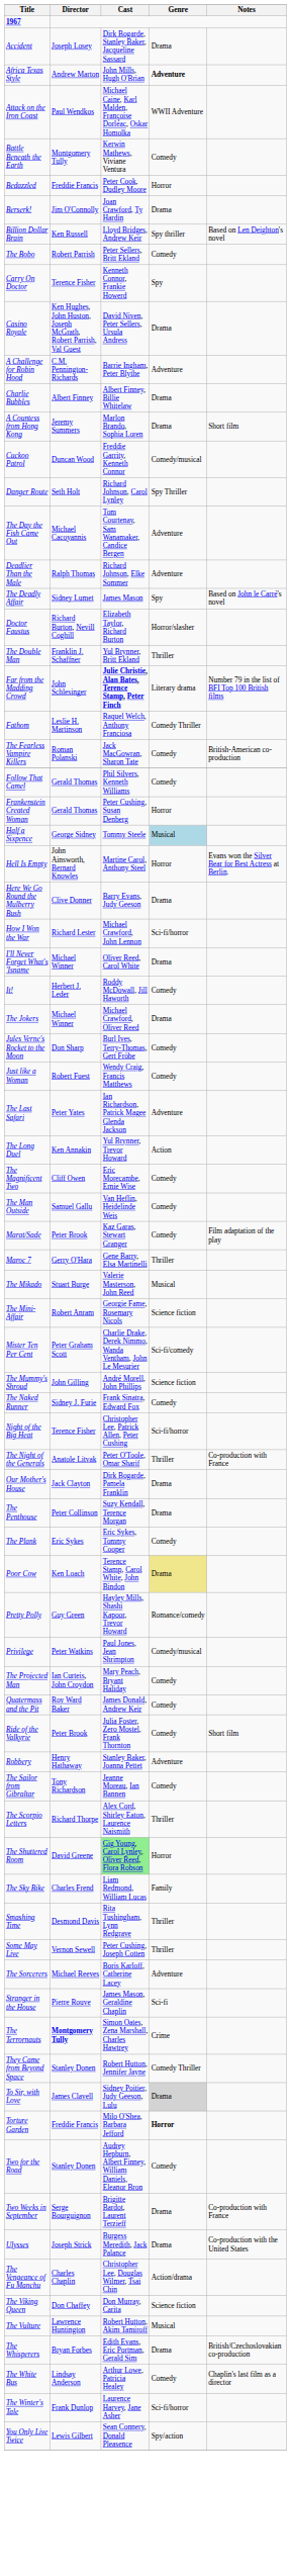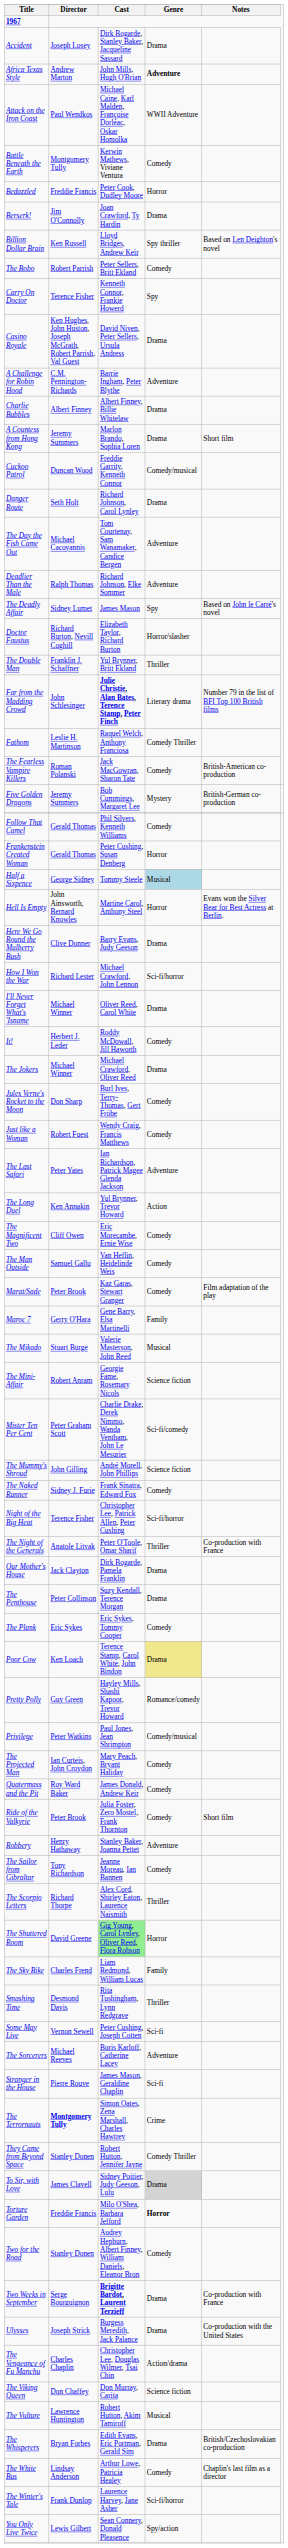 <table class="wikitable">
 <tr>
 </tr>
 <tr>
 <th>Title</th>
 <th>Director</th>
 <th>Cast</th>
 <th>Genre</th>
 <th>Notes</th>
 </tr>
 <tr>
 <td><strong><a href='#'>1967</a></strong></td>
 </tr>
 <tr>
 <td><em><a href='#'>Accident</a></em></td>
 <td><a href='#'>Joseph Losey</a></td>
 <td><a href='#'>Dirk Bogarde</a>, <a href='#'>Stanley Baker</a>, <a href='#'>Jacqueline Sassard</a></td>
 <td>Drama</td>
 <td></td>
 </tr>
 <tr>
 <td><em><a href='#'>Africa Texas Style</a></em></td>
 <td><a href='#'>Andrew Marton</a></td>
 <td><a href='#'>John Mills</a>, <a href='#'>Hugh O'Brian</a></td>
 <td><strong>Adventure</strong></td>
 <td></td>
 </tr>
 <tr>
 <td><em><a href='#'>Attack on the Iron Coast</a></em></td>
 <td><a href='#'>Paul Wendkos</a></td>
 <td><a href='#'>Michael Caine</a>, <a href='#'>Karl Malden</a>, <a href='#'>Françoise Dorléac</a>, <a href='#'>Oskar Homolka</a></td>
 <td>WWII Adventure</td>
 <td></td>
 </tr>
 <tr>
 <td><em><a href='#'>Battle Beneath the Earth</a></em></td>
 <td><a href='#'>Montgomery Tully</a></td>
 <td><a href='#'>Kerwin Mathews</a>, Viviane Ventura</td>
 <td>Comedy</td>
 <td></td>
 </tr>
 <tr>
 <td><em><a href='#'>Bedazzled</a></em></td>
 <td><a href='#'>Freddie Francis</a></td>
 <td><a href='#'>Peter Cook</a>, <a href='#'>Dudley Moore</a></td>
 <td>Horror</td>
 <td></td>
 </tr>
 <tr>
 <td><em><a href='#'>Berserk!</a></em></td>
 <td><a href='#'>Jim O'Connolly</a></td>
 <td><a href='#'>Joan Crawford</a>, <a href='#'>Ty Hardin</a></td>
 <td>Drama</td>
 <td></td>
 </tr>
 <tr>
 <td><em><a href='#'>Billion Dollar Brain</a></em></td>
 <td><a href='#'>Ken Russell</a></td>
 <td><a href='#'>Lloyd Bridges</a>, <a href='#'>Andrew Keir</a></td>
 <td>Spy thriller</td>
 <td>Based on <a href='#'>Len Deighton</a>'s novel</td>
 </tr>
 <tr>
 <td><em><a href='#'>The Bobo</a></em></td>
 <td><a href='#'>Robert Parrish</a></td>
 <td><a href='#'>Peter Sellers</a>, <a href='#'>Britt Ekland</a></td>
 <td>Comedy</td>
 <td></td>
 </tr>
 <tr>
 <td><em><a href='#'>Carry On Doctor</a></em></td>
 <td><a href='#'>Terence Fisher</a></td>
 <td><a href='#'>Kenneth Connor</a>, <a href='#'>Frankie Howerd</a></td>
 <td>Spy</td>
 <td></td>
 </tr>
 <tr>
 <td><em><a href='#'>Casino Royale</a></em></td>
 <td><a href='#'>Ken Hughes</a>, <a href='#'>John Huston</a>, <a href='#'>Joseph McGrath</a>, <a href='#'>Robert Parrish</a>, <a href='#'>Val Guest</a></td>
 <td><a href='#'>David Niven</a>, <a href='#'>Peter Sellers</a>, <a href='#'>Ursula Andress</a></td>
 <td>Drama</td>
 <td></td>
 </tr>
 <tr>
 <td><em><a href='#'>A Challenge for Robin Hood</a></em></td>
 <td><a href='#'>C.M. Pennington-Richards</a></td>
 <td><a href='#'>Barrie Ingham</a>, <a href='#'>Peter Blythe</a></td>
 <td>Adventure</td>
 <td></td>
 </tr>
 <tr>
 <td><em><a href='#'>Charlie Bubbles</a></em></td>
 <td><a href='#'>Albert Finney</a></td>
 <td><a href='#'>Albert Finney</a>, <a href='#'>Billie Whitelaw</a></td>
 <td>Drama</td>
 <td></td>
 </tr>
 <tr>
 <td><em><a href='#'>A Countess from Hong Kong</a></em></td>
 <td><a href='#'>Jeremy Summers</a></td>
 <td><a href='#'>Marlon Brando</a>, <a href='#'>Sophia Loren</a></td>
 <td>Drama</td>
 <td>Short film</td>
 </tr>
 <tr>
 <td><em><a href='#'>Cuckoo Patrol</a></em></td>
 <td><a href='#'>Duncan Wood</a></td>
 <td><a href='#'>Freddie Garrity</a>, <a href='#'>Kenneth Connor</a></td>
 <td>Comedy/musical</td>
 <td></td>
 </tr>
 <tr>
 <td><em><a href='#'>Danger Route</a></em></td>
 <td><a href='#'>Seth Holt</a></td>
 <td><a href='#'>Richard Johnson</a>, <a href='#'>Carol Lynley</a></td>
-<td>Spy Thriller</td>
+<td>Drama</td>
 <td></td>
 </tr>
 <tr>
 <td><em><a href='#'>The Day the Fish Came Out</a></em></td>
 <td><a href='#'>Michael Cacoyannis</a></td>
 <td><a href='#'>Tom Courtenay</a>, <a href='#'>Sam Wanamaker</a>, <a href='#'>Candice Bergen</a></td>
 <td>Adventure</td>
 <td></td>
 </tr>
 <tr>
 <td><em><a href='#'>Deadlier Than the Male</a></em></td>
 <td><a href='#'>Ralph Thomas</a></td>
 <td><a href='#'>Richard Johnson</a>, <a href='#'>Elke Sommer</a></td>
 <td>Adventure</td>
 <td></td>
 </tr>
 <tr>
 <td><em><a href='#'>The Deadly Affair</a></em></td>
 <td><a href='#'>Sidney Lumet</a></td>
 <td><a href='#'>James Mason</a></td>
 <td>Spy</td>
 <td>Based on <a href='#'>John le Carré</a>'s novel</td>
 </tr>
 <tr>
 <td><em><a href='#'>Doctor Faustus</a></em></td>
 <td><a href='#'>Richard Burton</a>, <a href='#'>Nevill Coghill</a></td>
 <td><a href='#'>Elizabeth Taylor</a>, <a href='#'>Richard Burton</a></td>
 <td>Horror/slasher</td>
 <td></td>
 </tr>
 <tr>
 <td><em><a href='#'>The Double Man</a></em></td>
 <td><a href='#'>Franklin J. Schaffner</a></td>
 <td><a href='#'>Yul Brynner</a>, <a href='#'>Britt Ekland</a></td>
 <td>Thriller</td>
 <td></td>
 </tr>
 <tr>
 <td><em><a href='#'>Far from the Madding Crowd</a></em></td>
 <td><a href='#'>John Schlesinger</a></td>
 <td><strong><a href='#'>Julie Christie</a>, <a href='#'>Alan Bates</a>, <a href='#'>Terence Stamp</a>, <a href='#'>Peter Finch</a></strong></td>
 <td>Literary drama</td>
 <td>Number 79 in the list of <a href='#'>BFI Top 100 British films</a></td>
 </tr>
 <tr>
 <td><em><a href='#'>Fathom</a></em></td>
 <td><a href='#'>Leslie H. Martinson</a></td>
 <td><a href='#'>Raquel Welch</a>, <a href='#'>Anthony Franciosa</a></td>
 <td>Comedy Thriller</td>
 <td></td>
 </tr>
 <tr>
 <td><em><a href='#'>The Fearless Vampire Killers</a></em></td>
 <td><a href='#'>Roman Polanski</a></td>
 <td><a href='#'>Jack MacGowran</a>, <a href='#'>Sharon Tate</a></td>
 <td>Comedy</td>
 <td>British-American co-production</td>
+</tr>
+<tr>
+<td><em><a href='#'>Five Golden Dragons</a></em></td>
+<td><a href='#'>Jeremy Summers</a></td>
+<td><a href='#'>Bob Cummings</a>, <a href='#'>Margaret Lee</a></td>
+<td>Mystery</td>
+<td>British-German co-production</td>
+<td></td>
 </tr>
 <tr>
 </tr>
 <tr>
 <td><em><a href='#'>Follow That Camel</a></em></td>
 <td><a href='#'>Gerald Thomas</a></td>
 <td><a href='#'>Phil Silvers</a>, <a href='#'>Kenneth Williams</a></td>
 <td>Comedy</td>
 <td></td>
 </tr>
 <tr>
 <td><em><a href='#'>Frankenstein Created Woman</a></em></td>
 <td><a href='#'>Gerald Thomas</a></td>
 <td><a href='#'>Peter Cushing</a>, <a href='#'>Susan Denberg</a></td>
 <td>Horror</td>
 <td></td>
 </tr>
 <tr>
 <td><em><a href='#'>Half a Sixpence</a></em></td>
 <td><a href='#'>George Sidney</a></td>
 <td><a href='#'>Tommy Steele</a></td>
 <td style="background: lightblue;">Musical</td>
 <td></td>
 </tr>
 <tr>
 <td><em><a href='#'>Hell Is Empty</a></em></td>
 <td>John Ainsworth, <a href='#'>Bernard Knowles</a></td>
 <td><a href='#'>Martine Carol</a>, <a href='#'>Anthony Steel</a></td>
 <td>Horror</td>
 <td>Evans won the <a href='#'>Silver Bear for Best Actress</a> at <a href='#'>Berlin</a>.</td>
 </tr>
 <tr>
 <td><em><a href='#'>Here We Go Round the Mulberry Bush</a></em></td>
 <td><a href='#'>Clive Donner</a></td>
 <td><a href='#'>Barry Evans</a>, <a href='#'>Judy Geeson</a></td>
 <td>Drama</td>
 <td></td>
 </tr>
 <tr>
 <td><em><a href='#'>How I Won the War</a></em></td>
 <td><a href='#'>Richard Lester</a></td>
 <td><a href='#'>Michael Crawford</a>, <a href='#'>John Lennon</a></td>
 <td>Sci-fi/horror</td>
 <td></td>
 </tr>
 <tr>
 <td><em><a href='#'>I'll Never Forget What's 'Isname</a></em></td>
 <td><a href='#'>Michael Winner</a></td>
 <td><a href='#'>Oliver Reed</a>, <a href='#'>Carol White</a></td>
 <td>Drama</td>
 <td></td>
 </tr>
 <tr>
 <td><em><a href='#'>It!</a></em></td>
 <td><a href='#'>Herbert J. Leder</a></td>
 <td><a href='#'>Roddy McDowall</a>, <a href='#'>Jill Haworth</a></td>
 <td>Comedy</td>
 <td></td>
 </tr>
 <tr>
 <td><em><a href='#'>The Jokers</a></em></td>
 <td><a href='#'>Michael Winner</a></td>
 <td><a href='#'>Michael Crawford</a>, <a href='#'>Oliver Reed</a></td>
 <td>Drama</td>
 <td></td>
 </tr>
 <tr>
 <td><em><a href='#'>Jules Verne's Rocket to the Moon</a></em></td>
 <td><a href='#'>Don Sharp</a></td>
 <td><a href='#'>Burl Ives</a>, <a href='#'>Terry-Thomas</a>, <a href='#'>Gert Fröbe</a></td>
 <td>Comedy</td>
 <td></td>
 </tr>
 <tr>
 <td><em><a href='#'>Just like a Woman</a></em></td>
 <td><a href='#'>Robert Fuest</a></td>
 <td><a href='#'>Wendy Craig</a>, <a href='#'>Francis Matthews</a></td>
 <td>Comedy</td>
 <td></td>
 </tr>
 <tr>
 <td><em><a href='#'>The Last Safari</a></em></td>
 <td><a href='#'>Peter Yates</a></td>
 <td><a href='#'>Ian Richardson</a>, <a href='#'>Patrick Magee</a> <a href='#'>Glenda Jackson</a></td>
 <td>Adventure</td>
 <td></td>
 </tr>
 <tr>
 <td><em><a href='#'>The Long Duel</a></em></td>
 <td><a href='#'>Ken Annakin</a></td>
 <td><a href='#'>Yul Brynner</a>, <a href='#'>Trevor Howard</a></td>
 <td>Action</td>
 <td></td>
 </tr>
 <tr>
 <td><em><a href='#'>The Magnificent Two</a></em></td>
 <td><a href='#'>Cliff Owen</a></td>
 <td><a href='#'>Eric Morecambe</a>, <a href='#'>Ernie Wise</a></td>
 <td>Comedy</td>
 <td></td>
 </tr>
 <tr>
 <td><em><a href='#'>The Man Outside</a></em></td>
 <td><a href='#'>Samuel Gallu</a></td>
 <td><a href='#'>Van Heflin</a>, <a href='#'>Heidelinde Weis</a></td>
 <td>Comedy</td>
 <td></td>
 </tr>
 <tr>
 <td><em><a href='#'>Marat/Sade</a></em></td>
 <td><a href='#'>Peter Brook</a></td>
 <td><a href='#'>Kaz Garas</a>, <a href='#'>Stewart Granger</a></td>
 <td>Comedy</td>
 <td>Film adaptation of the play</td>
 </tr>
 <tr>
 <td><em><a href='#'>Maroc 7</a></em></td>
 <td><a href='#'>Gerry O'Hara</a></td>
 <td><a href='#'>Gene Barry</a>, <a href='#'>Elsa Martinelli</a></td>
-<td>Thriller</td>
+<td>Family</td>
 <td></td>
 </tr>
 <tr>
 <td><em><a href='#'>The Mikado</a></em></td>
 <td><a href='#'>Stuart Burge</a></td>
 <td><a href='#'>Valerie Masterson</a>, <a href='#'>John Reed</a></td>
 <td>Musical</td>
 <td></td>
 </tr>
 <tr>
 <td><em><a href='#'>The Mini-Affair</a></em></td>
 <td><a href='#'>Robert Anram</a></td>
 <td><a href='#'>Georgie Fame</a>, <a href='#'>Rosemary Nicols</a></td>
 <td>Science fiction</td>
 <td></td>
 </tr>
 <tr>
 <td><em><a href='#'>Mister Ten Per Cent</a></em></td>
 <td><a href='#'>Peter Graham Scott</a></td>
 <td><a href='#'>Charlie Drake</a>, <a href='#'>Derek Nimmo</a>, <a href='#'>Wanda Ventham</a>, <a href='#'>John Le Mesurier</a></td>
 <td>Sci-fi/comedy</td>
 <td></td>
 </tr>
 <tr>
 <td><em><a href='#'>The Mummy's Shroud</a></em></td>
 <td><a href='#'>John Gilling</a></td>
 <td><a href='#'>André Morell</a>, <a href='#'>John Phillips</a></td>
 <td>Science fiction</td>
 <td></td>
 </tr>
 <tr>
 <td><em><a href='#'>The Naked Runner</a></em></td>
 <td><a href='#'>Sidney J. Furie</a></td>
 <td><a href='#'>Frank Sinatra</a>, <a href='#'>Edward Fox</a></td>
 <td>Comedy</td>
 <td></td>
 </tr>
 <tr>
 <td><em><a href='#'>Night of the Big Heat</a></em></td>
 <td><a href='#'>Terence Fisher</a></td>
 <td><a href='#'>Christopher Lee</a>, <a href='#'>Patrick Allen</a>, <a href='#'>Peter Cushing</a></td>
 <td>Sci-fi/horror</td>
 <td></td>
 </tr>
 <tr>
 <td><em><a href='#'>The Night of the Generals</a></em></td>
 <td><a href='#'>Anatole Litvak</a></td>
 <td><a href='#'>Peter O'Toole</a>, <a href='#'>Omar Sharif</a></td>
 <td>Thriller</td>
 <td>Co-production with France</td>
 </tr>
 <tr>
 <td><em><a href='#'>Our Mother's House</a></em></td>
 <td><a href='#'>Jack Clayton</a></td>
 <td><a href='#'>Dirk Bogarde</a>, <a href='#'>Pamela Franklin</a></td>
 <td>Drama</td>
 <td></td>
 </tr>
 <tr>
 <td><em><a href='#'>The Penthouse</a></em></td>
 <td><a href='#'>Peter Collinson</a></td>
 <td><a href='#'>Suzy Kendall</a>, <a href='#'>Terence Morgan</a></td>
 <td>Drama</td>
 <td></td>
 </tr>
 <tr>
 <td><em><a href='#'>The Plank</a></em></td>
 <td><a href='#'>Eric Sykes</a></td>
 <td><a href='#'>Eric Sykes</a>, <a href='#'>Tommy Cooper</a></td>
 <td>Comedy</td>
 <td></td>
 </tr>
 <tr>
 <td><em><a href='#'>Poor Cow</a></em></td>
 <td><a href='#'>Ken Loach</a></td>
 <td><a href='#'>Terence Stamp</a>, <a href='#'>Carol White</a>, <a href='#'>John Bindon</a></td>
 <td style="background: khaki;">Drama</td>
 <td></td>
 </tr>
 <tr>
 <td><em><a href='#'>Pretty Polly</a></em></td>
 <td><a href='#'>Guy Green</a></td>
 <td><a href='#'>Hayley Mills</a>, <a href='#'>Shashi Kapoor</a>, <a href='#'>Trevor Howard</a></td>
 <td>Romance/comedy</td>
 <td></td>
 </tr>
 <tr>
 <td><em><a href='#'>Privilege</a></em></td>
 <td><a href='#'>Peter Watkins</a></td>
 <td><a href='#'>Paul Jones</a>, <a href='#'>Jean Shrimpton</a></td>
 <td>Comedy/musical</td>
 <td></td>
 </tr>
 <tr>
 <td><em><a href='#'>The Projected Man</a></em></td>
 <td><a href='#'>Ian Curteis</a>, <a href='#'>John Croydon</a></td>
 <td><a href='#'>Mary Peach</a>, <a href='#'>Bryant Haliday</a></td>
 <td>Comedy</td>
 <td></td>
 </tr>
 <tr>
 <td><em><a href='#'>Quatermass and the Pit</a></em></td>
 <td><a href='#'>Roy Ward Baker</a></td>
 <td><a href='#'>James Donald</a>, <a href='#'>Andrew Keir</a></td>
 <td>Comedy</td>
 <td></td>
 </tr>
 <tr>
 <td><em><a href='#'>Ride of the Valkyrie</a></em></td>
 <td><a href='#'>Peter Brook</a></td>
 <td><a href='#'>Julia Foster</a>, <a href='#'>Zero Mostel</a>, <a href='#'>Frank Thornton</a></td>
 <td>Comedy</td>
 <td>Short film</td>
 </tr>
 <tr>
 <td><em><a href='#'>Robbery</a></em></td>
 <td><a href='#'>Henry Hathaway</a></td>
 <td><a href='#'>Stanley Baker</a>, <a href='#'>Joanna Pettet</a></td>
 <td>Adventure</td>
 <td></td>
 </tr>
 <tr>
 <td><em><a href='#'>The Sailor from Gibraltar</a></em></td>
 <td><a href='#'>Tony Richardson</a></td>
 <td><a href='#'>Jeanne Moreau</a>, <a href='#'>Ian Bannen</a></td>
 <td>Comedy</td>
 <td></td>
 </tr>
 <tr>
 <td><em><a href='#'>The Scorpio Letters</a></em></td>
 <td><a href='#'>Richard Thorpe</a></td>
 <td><a href='#'>Alex Cord</a>, <a href='#'>Shirley Eaton</a>, <a href='#'>Laurence Naismith</a></td>
 <td>Thriller</td>
 <td></td>
 </tr>
 <tr>
 <td><em><a href='#'>The Shuttered Room</a></em></td>
 <td><a href='#'>David Greene</a></td>
 <td style="background: lightgreen;"><a href='#'>Gig Young</a>, <a href='#'>Carol Lynley</a>, <a href='#'>Oliver Reed</a>, <a href='#'>Flora Robson</a></td>
 <td>Horror</td>
 <td></td>
 </tr>
 <tr>
 <td><em><a href='#'>The Sky Bike</a></em></td>
 <td><a href='#'>Charles Frend</a></td>
 <td><a href='#'>Liam Redmond</a>, <a href='#'>William Lucas</a></td>
 <td>Family</td>
 <td></td>
 </tr>
 <tr>
 <td><em><a href='#'>Smashing Time</a></em></td>
 <td><a href='#'>Desmond Davis</a></td>
 <td><a href='#'>Rita Tushingham</a>, <a href='#'>Lynn Redgrave</a></td>
 <td>Thriller</td>
 <td></td>
 </tr>
 <tr>
 <td><em><a href='#'>Some May Live</a></em></td>
 <td><a href='#'>Vernon Sewell</a></td>
 <td><a href='#'>Peter Cushing</a>, <a href='#'>Joseph Cotten</a></td>
-<td>Thriller</td>
+<td>Sci-fi</td>
 <td></td>
 </tr>
 <tr>
 <td><em><a href='#'>The Sorcerers</a></em></td>
 <td><a href='#'>Michael Reeves</a></td>
 <td><a href='#'>Boris Karloff</a>, <a href='#'>Catherine Lacey</a></td>
 <td>Adventure</td>
 <td></td>
 </tr>
 <tr>
 <td><em><a href='#'>Stranger in the House</a></em></td>
 <td><a href='#'>Pierre Rouve</a></td>
 <td><a href='#'>James Mason</a>, <a href='#'>Geraldine Chaplin</a></td>
 <td>Sci-fi</td>
 <td></td>
 </tr>
 <tr>
 <td><em><a href='#'>The Terrornauts</a></em></td>
 <td><strong><a href='#'>Montgomery Tully</a></strong></td>
 <td><a href='#'>Simon Oates</a>, <a href='#'>Zena Marshall</a>, <a href='#'>Charles Hawtrey</a></td>
 <td>Crime</td>
 <td></td>
 </tr>
 <tr>
 <td><em><a href='#'>They Came from Beyond Space</a></em></td>
 <td><a href='#'>Stanley Donen</a></td>
 <td><a href='#'>Robert Hutton</a>, <a href='#'>Jennifer Jayne</a></td>
 <td>Comedy Thriller</td>
 <td></td>
 </tr>
 <tr>
 <td><em><a href='#'>To Sir, with Love</a></em></td>
 <td><a href='#'>James Clavell</a></td>
 <td><a href='#'>Sidney Poitier</a>, <a href='#'>Judy Geeson</a>, <a href='#'>Lulu</a></td>
 <td style="background: lightgrey;">Drama</td>
 <td></td>
 </tr>
 <tr>
 <td><em><a href='#'>Torture Garden</a></em></td>
 <td><a href='#'>Freddie Francis</a></td>
 <td><a href='#'>Milo O'Shea</a>, <a href='#'>Barbara Jefford</a></td>
 <td><strong>Horror</strong></td>
 <td></td>
 </tr>
 <tr>
 <td><em><a href='#'>Two for the Road</a></em></td>
 <td><a href='#'>Stanley Donen</a></td>
 <td><a href='#'>Audrey Hepburn</a>, <a href='#'>Albert Finney</a>, <a href='#'>William Daniels</a>, <a href='#'>Eleanor Bron</a></td>
 <td>Comedy</td>
 <td></td>
 </tr>
 <tr>
 <td><em><a href='#'>Two Weeks in September</a></em></td>
 <td><a href='#'>Serge Bourguignon</a></td>
-<td><a href='#'>Brigitte Bardot</a>, <a href='#'>Laurent Terzieff</a></td>
+<td><strong><a href='#'>Brigitte Bardot</a>, <a href='#'>Laurent Terzieff</a></strong></td>
 <td>Drama</td>
 <td>Co-production with France</td>
 </tr>
 <tr>
 <td><em><a href='#'>Ulysses</a></em></td>
 <td><a href='#'>Joseph Strick</a></td>
 <td><a href='#'>Burgess Meredith</a>, <a href='#'>Jack Palance</a></td>
 <td>Drama</td>
 <td>Co-production with the United States</td>
 </tr>
 <tr>
 <td><em><a href='#'>The Vengeance of Fu Manchu</a></em></td>
 <td><a href='#'>Charles Chaplin</a></td>
 <td><a href='#'>Christopher Lee</a>, <a href='#'>Douglas Wilmer</a>, <a href='#'>Tsai Chin</a></td>
 <td>Action/drama</td>
 <td></td>
 </tr>
 <tr>
 <td><em><a href='#'>The Viking Queen</a></em></td>
 <td><a href='#'>Don Chaffey</a></td>
 <td><a href='#'>Don Murray</a>, <a href='#'>Carita</a></td>
 <td>Science fiction</td>
 <td></td>
 </tr>
 <tr>
 <td><em><a href='#'>The Vulture</a></em></td>
 <td><a href='#'>Lawrence Huntington</a></td>
 <td><a href='#'>Robert Hutton</a>, <a href='#'>Akim Tamiroff</a></td>
 <td>Musical</td>
 <td></td>
 </tr>
 <tr>
 <td><em><a href='#'>The Whisperers</a></em></td>
 <td><a href='#'>Bryan Forbes</a></td>
 <td><a href='#'>Edith Evans</a>, <a href='#'>Eric Portman</a>, <a href='#'>Gerald Sim</a></td>
 <td>Drama</td>
 <td> British/Czechoslovakian co-production</td>
 </tr>
 <tr>
 <td><em><a href='#'>The White Bus</a></em></td>
 <td><a href='#'>Lindsay Anderson</a></td>
 <td><a href='#'>Arthur Lowe</a>, <a href='#'>Patricia Healey</a></td>
 <td>Comedy</td>
 <td>Chaplin's last film as a director</td>
 </tr>
 <tr>
 <td><em><a href='#'>The Winter's Tale</a></em></td>
 <td><a href='#'>Frank Dunlop</a></td>
 <td><a href='#'>Laurence Harvey</a>, <a href='#'>Jane Asher</a></td>
 <td>Sci-fi/horror</td>
 <td></td>
 </tr>
 <tr>
 <td><em><a href='#'>You Only Live Twice</a></em></td>
 <td><a href='#'>Lewis Gilbert</a></td>
 <td><a href='#'>Sean Connery</a>, <a href='#'>Donald Pleasence</a></td>
 <td>Spy/action</td>
 <td></td>
 </tr>
 <tr>
 </tr>
 </table>
